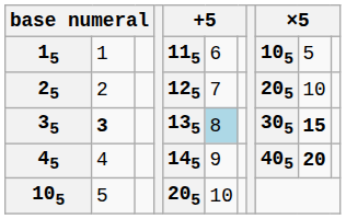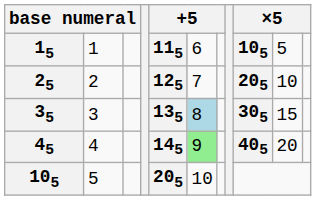 <table class="wikitable">
 <tr>
 <th colspan="3">base numeral</th>
 <th rowspan="6"></th>
 <th colspan="3">+5</th>
 <th rowspan="6"></th>
 <th colspan="3">×5</th>
 </tr>
 <tr>
 <th>1<sub>5</sub></th>
 <td>1</td>
 <td></td>
 <th>11<sub>5</sub></th>
 <td>6</td>
 <td></td>
 <th>10<sub>5</sub></th>
 <td>5</td>
 <td></td>
 </tr>
 <tr>
 <th>2<sub>5</sub></th>
 <td>2</td>
 <td></td>
 <th>12<sub>5</sub></th>
 <td>7</td>
 <td></td>
 <th>20<sub>5</sub></th>
 <td>10</td>
 <td></td>
 </tr>
 <tr>
 <th>3<sub>5</sub></th>
-<td><strong>3</strong></td>
+<td>3</td>
 <td></td>
 <th>13<sub>5</sub></th>
 <td style="background: lightblue;">8</td>
 <td></td>
 <th>30<sub>5</sub></th>
-<td><strong>15</strong></td>
+<td>15</td>
 <td></td>
 </tr>
 <tr>
 <th>4<sub>5</sub></th>
 <td>4</td>
 <td></td>
 <th>14<sub>5</sub></th>
-<td>9</td>
+<td style="background: lightgreen;">9</td>
 <td></td>
 <th>40<sub>5</sub></th>
-<td><strong>20</strong></td>
+<td>20</td>
 <td></td>
 </tr>
 <tr>
 <th>10<sub>5</sub></th>
 <td>5</td>
 <td></td>
 <th>20<sub>5</sub></th>
 <td>10</td>
 <td></td>
 </tr>
 </table>
